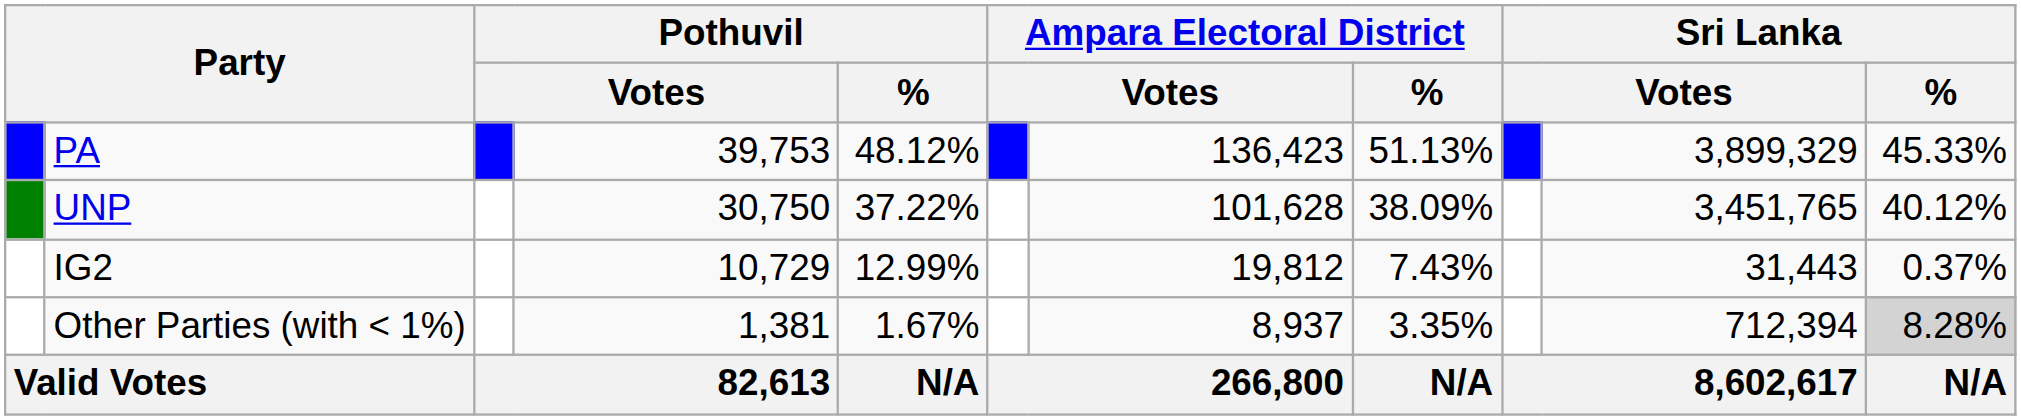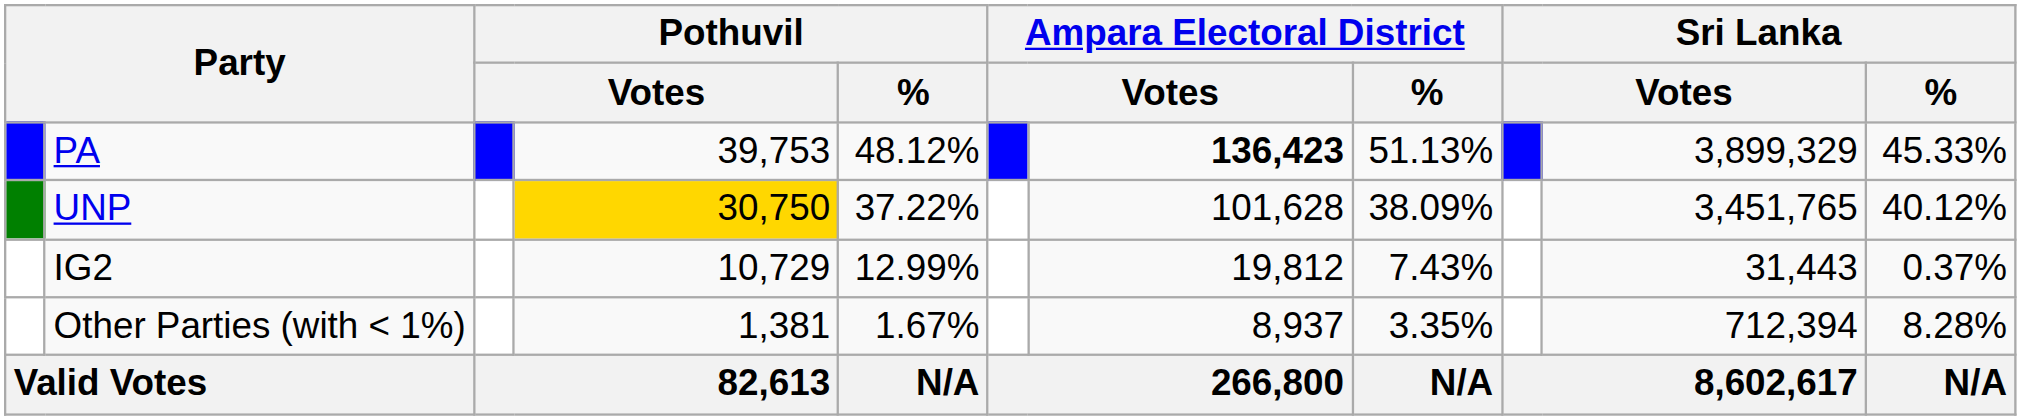 <table class="wikitable">
 <tr>
 <th colspan="2" width="144px"rowspan="2">Party</th>
 <th colspan="3" width="216px">Pothuvil</th>
 <th colspan="3" width="216px"><a href='#'>Ampara Electoral District</a></th>
 <th colspan="3" width="216px">Sri Lanka</th>
 </tr>
 <tr>
 <th colspan="2" width="144px">Votes</th>
 <th>%</th>
 <th colspan="2" width="144px">Votes</th>
 <th>%</th>
 <th colspan="2" width="144px">Votes</th>
 <th>%</th>
 </tr>
 <tr>
 <td style="background-color:blue;" width="10px"></td>
 <td style="text-align:left;"><a href='#'>PA</a></td>
 <td style="background-color:blue;" width="10px"></td>
 <td style="text-align:right;">39,753</td>
 <td style="text-align:right;">48.12%</td>
 <td style="background-color:blue;" width="10px"></td>
-<td style="text-align:right;">136,423</td>
+<td style="text-align:right;"><strong>136,423</strong></td>
 <td style="text-align:right;">51.13%</td>
 <td style="background-color:blue;" width="10px"></td>
 <td style="text-align:right;">3,899,329</td>
 <td style="text-align:right;">45.33%</td>
 </tr>
 <tr>
 <td style="background-color:green;" width="10px"></td>
 <td style="text-align:left;"><a href='#'>UNP</a></td>
 <td style="background-color:white;" width="10px"></td>
-<td style="text-align:right;">30,750</td>
+<td style="background: gold; text-align:right;">30,750</td>
 <td style="text-align:right;">37.22%</td>
 <td style="background-color:white;" width="10px"></td>
 <td style="text-align:right;">101,628</td>
 <td style="text-align:right;">38.09%</td>
 <td style="background-color:white;" width="10px"></td>
 <td style="text-align:right;">3,451,765</td>
 <td style="text-align:right;">40.12%</td>
 </tr>
 <tr>
 <td style="background-color:white;" width="10px"></td>
 <td style="text-align:left;">IG2</td>
 <td style="background-color:white;" width="10px"></td>
 <td style="text-align:right;">10,729</td>
 <td style="text-align:right;">12.99%</td>
 <td style="background-color:white;" width="10px"></td>
 <td style="text-align:right;">19,812</td>
 <td style="text-align:right;">7.43%</td>
 <td style="background-color:white;" width="10px"></td>
 <td style="text-align:right;">31,443</td>
 <td style="text-align:right;">0.37%</td>
 </tr>
 <tr>
 <td style="background-color:white;" width="10px"></td>
 <td style="text-align:left;">Other Parties (with < 1%)</td>
 <td style="background-color:white;" width="10px"></td>
 <td style="text-align:right;">1,381</td>
 <td style="text-align:right;">1.67%</td>
 <td style="background-color:white;" width="10px"></td>
 <td style="text-align:right;">8,937</td>
 <td style="text-align:right;">3.35%</td>
 <td style="background-color:white;" width="10px"></td>
 <td style="text-align:right;">712,394</td>
-<td style="background: lightgrey; text-align:right;">8.28%</td>
+<td style="text-align:right;">8.28%</td>
 </tr>
 <tr>
 <th colspan="2" width="144px"style="text-align:left;">Valid Votes</th>
 <th style="text-align:right;"colspan="2" width="144px">82,613</th>
 <th style="text-align:right;">N/A</th>
 <th style="text-align:right;"colspan="2" width="144px">266,800</th>
 <th style="text-align:right;">N/A</th>
 <th style="text-align:right;"colspan="2" width="144px">8,602,617</th>
 <th style="text-align:right;">N/A</th>
 </tr>
 </table>
